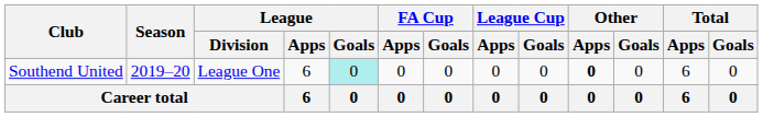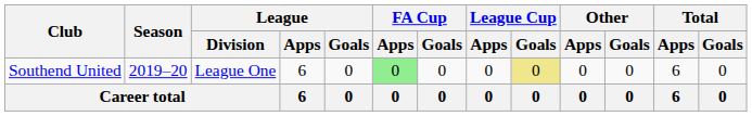 <table class="wikitable" style="text-align: center">
 <tr>
 <th rowspan="2">Club</th>
 <th rowspan="2">Season</th>
 <th colspan="3">League</th>
 <th colspan="2"><a href='#'>FA Cup</a></th>
 <th colspan="2"><a href='#'>League Cup</a></th>
 <th colspan="2">Other</th>
 <th colspan="2">Total</th>
 </tr>
 <tr>
 <th>Division</th>
 <th>Apps</th>
 <th>Goals</th>
 <th>Apps</th>
 <th>Goals</th>
 <th>Apps</th>
 <th>Goals</th>
 <th>Apps</th>
 <th>Goals</th>
 <th>Apps</th>
 <th>Goals</th>
 </tr>
 <tr>
 <td rowspan="1"><a href='#'>Southend United</a></td>
 <td><a href='#'>2019–20</a></td>
 <td><a href='#'>League One</a></td>
 <td>6</td>
-<td style="background: paleturquoise;">0</td>
+<td>0</td>
+<td style="background: lightgreen;">0</td>
 <td>0</td>
 <td>0</td>
+<td style="background: khaki;">0</td>
 <td>0</td>
-<td>0</td>
-<td><strong>0</strong></td>
 <td>0</td>
 <td>6</td>
 <td>0</td>
 </tr>
 <tr>
 <th colspan="3">Career total</th>
 <th>6</th>
 <th>0</th>
 <th>0</th>
 <th>0</th>
 <th>0</th>
 <th>0</th>
 <th>0</th>
 <th>0</th>
 <th>6</th>
 <th>0</th>
 </tr>
 </table>
